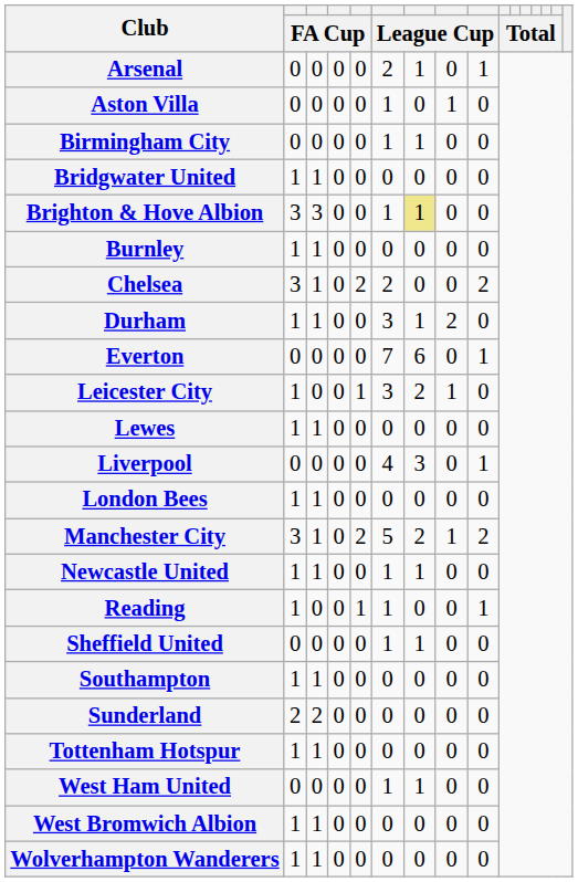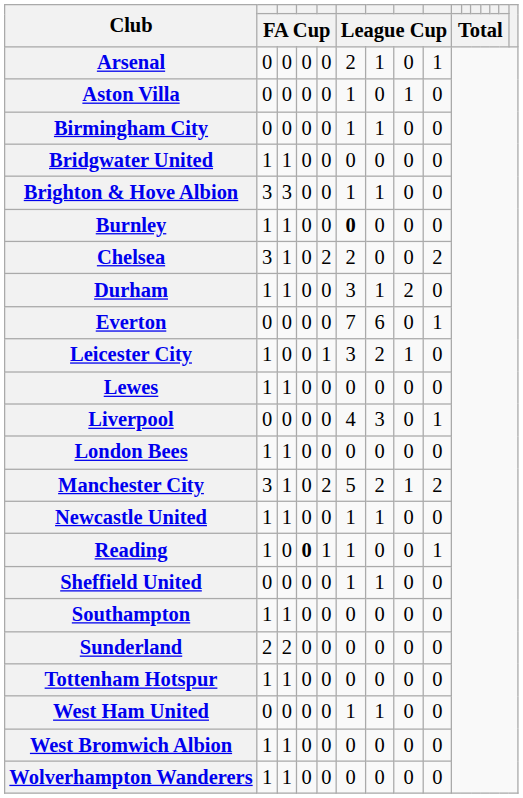 <table class="wikitable plainrowheaders sortable" style="text-align:center">
 <tr>
 <th scope="col" rowspan="2">Club</th>
 <th scope="col"></th>
 <th scope="col"></th>
 <th scope="col"></th>
 <th scope="col"></th>
 <th scope="col"></th>
 <th scope="col"></th>
 <th scope="col"></th>
 <th scope="col"></th>
 <th scope="col"></th>
 <th scope="col"></th>
 <th scope="col"></th>
 <th scope="col"></th>
 <th scope="col"></th>
 <th scope="col"></th>
 <th rowspan="2" scope="col"></th>
 </tr>
 <tr class="unsortable">
 <th colspan="4">FA Cup</th>
 <th colspan="4">League Cup</th>
 <th colspan="6">Total</th>
 </tr>
 <tr>
 <th scope="row"><a href='#'>Arsenal</a></th>
 <td>0</td>
 <td>0</td>
 <td>0</td>
 <td>0</td>
 <td>2</td>
 <td>1</td>
 <td>0</td>
 <td>1<br></td>
 </tr>
 <tr>
 <th scope="row"><a href='#'>Aston Villa</a></th>
 <td>0</td>
 <td>0</td>
 <td>0</td>
 <td>0</td>
 <td>1</td>
 <td>0</td>
 <td>1</td>
 <td>0<br></td>
 </tr>
 <tr>
 <th scope="row"><a href='#'>Birmingham City</a></th>
 <td>0</td>
 <td>0</td>
 <td>0</td>
 <td>0</td>
 <td>1</td>
 <td>1</td>
 <td>0</td>
 <td>0<br></td>
 </tr>
 <tr>
 <th scope="row"><a href='#'>Bridgwater United</a></th>
 <td>1</td>
 <td>1</td>
 <td>0</td>
 <td>0</td>
 <td>0</td>
 <td>0</td>
 <td>0</td>
 <td>0<br></td>
 </tr>
 <tr>
 <th scope="row"><a href='#'>Brighton & Hove Albion</a></th>
 <td>3</td>
 <td>3</td>
 <td>0</td>
 <td>0</td>
 <td>1</td>
-<td style="background: khaki;">1</td>
+<td>1</td>
 <td>0</td>
 <td>0<br></td>
 </tr>
 <tr>
 <th scope="row"><a href='#'>Burnley</a></th>
 <td>1</td>
 <td>1</td>
 <td>0</td>
 <td>0</td>
-<td>0</td>
+<td><strong>0</strong></td>
 <td>0</td>
 <td>0</td>
 <td>0<br></td>
 </tr>
 <tr>
 <th scope="row"><a href='#'>Chelsea</a></th>
 <td>3</td>
 <td>1</td>
 <td>0</td>
 <td>2</td>
 <td>2</td>
 <td>0</td>
 <td>0</td>
 <td>2<br></td>
 </tr>
 <tr>
 <th scope="row"><a href='#'>Durham</a></th>
 <td>1</td>
 <td>1</td>
 <td>0</td>
 <td>0</td>
 <td>3</td>
 <td>1</td>
 <td>2</td>
 <td>0<br></td>
 </tr>
 <tr>
 <th scope="row"><a href='#'>Everton</a></th>
 <td>0</td>
 <td>0</td>
 <td>0</td>
 <td>0</td>
 <td>7</td>
 <td>6</td>
 <td>0</td>
 <td>1<br></td>
 </tr>
 <tr>
 <th scope="row"><a href='#'>Leicester City</a></th>
 <td>1</td>
 <td>0</td>
 <td>0</td>
 <td>1</td>
 <td>3</td>
 <td>2</td>
 <td>1</td>
 <td>0<br></td>
 </tr>
 <tr>
 <th scope="row"><a href='#'>Lewes</a></th>
 <td>1</td>
 <td>1</td>
 <td>0</td>
 <td>0</td>
 <td>0</td>
 <td>0</td>
 <td>0</td>
 <td>0<br></td>
 </tr>
 <tr>
 <th scope="row"><a href='#'>Liverpool</a></th>
 <td>0</td>
 <td>0</td>
 <td>0</td>
 <td>0</td>
 <td>4</td>
 <td>3</td>
 <td>0</td>
 <td>1<br></td>
 </tr>
 <tr>
 <th scope="row"><a href='#'>London Bees</a></th>
 <td>1</td>
 <td>1</td>
 <td>0</td>
 <td>0</td>
 <td>0</td>
 <td>0</td>
 <td>0</td>
 <td>0<br></td>
 </tr>
 <tr>
 <th scope="row"><a href='#'>Manchester City</a></th>
 <td>3</td>
 <td>1</td>
 <td>0</td>
 <td>2</td>
 <td>5</td>
 <td>2</td>
 <td>1</td>
 <td>2<br></td>
 </tr>
 <tr>
 <th scope="row"><a href='#'>Newcastle United</a></th>
 <td>1</td>
 <td>1</td>
 <td>0</td>
 <td>0</td>
 <td>1</td>
 <td>1</td>
 <td>0</td>
 <td>0<br></td>
 </tr>
 <tr>
 <th scope="row"><a href='#'>Reading</a></th>
 <td>1</td>
 <td>0</td>
-<td>0</td>
+<td><strong>0</strong></td>
 <td>1</td>
 <td>1</td>
 <td>0</td>
 <td>0</td>
 <td>1<br></td>
 </tr>
 <tr>
 <th scope="row"><a href='#'>Sheffield United</a></th>
 <td>0</td>
 <td>0</td>
 <td>0</td>
 <td>0</td>
 <td>1</td>
 <td>1</td>
 <td>0</td>
 <td>0<br></td>
 </tr>
 <tr>
 <th scope="row"><a href='#'>Southampton</a></th>
 <td>1</td>
 <td>1</td>
 <td>0</td>
 <td>0</td>
 <td>0</td>
 <td>0</td>
 <td>0</td>
 <td>0<br></td>
 </tr>
 <tr>
 <th scope="row"><a href='#'>Sunderland</a></th>
 <td>2</td>
 <td>2</td>
 <td>0</td>
 <td>0</td>
 <td>0</td>
 <td>0</td>
 <td>0</td>
 <td>0<br></td>
 </tr>
 <tr>
 <th scope="row"><a href='#'>Tottenham Hotspur</a></th>
 <td>1</td>
 <td>1</td>
 <td>0</td>
 <td>0</td>
 <td>0</td>
 <td>0</td>
 <td>0</td>
 <td>0<br></td>
 </tr>
 <tr>
 <th scope="row"><a href='#'>West Ham United</a></th>
 <td>0</td>
 <td>0</td>
 <td>0</td>
 <td>0</td>
 <td>1</td>
 <td>1</td>
 <td>0</td>
 <td>0<br></td>
 </tr>
 <tr>
 <th scope="row"><a href='#'>West Bromwich Albion</a></th>
 <td>1</td>
 <td>1</td>
 <td>0</td>
 <td>0</td>
 <td>0</td>
 <td>0</td>
 <td>0</td>
 <td>0<br></td>
 </tr>
 <tr>
 <th scope="row"><a href='#'>Wolverhampton Wanderers</a></th>
 <td>1</td>
 <td>1</td>
 <td>0</td>
 <td>0</td>
 <td>0</td>
 <td>0</td>
 <td>0</td>
 <td>0<br></td>
 </tr>
 </table>
